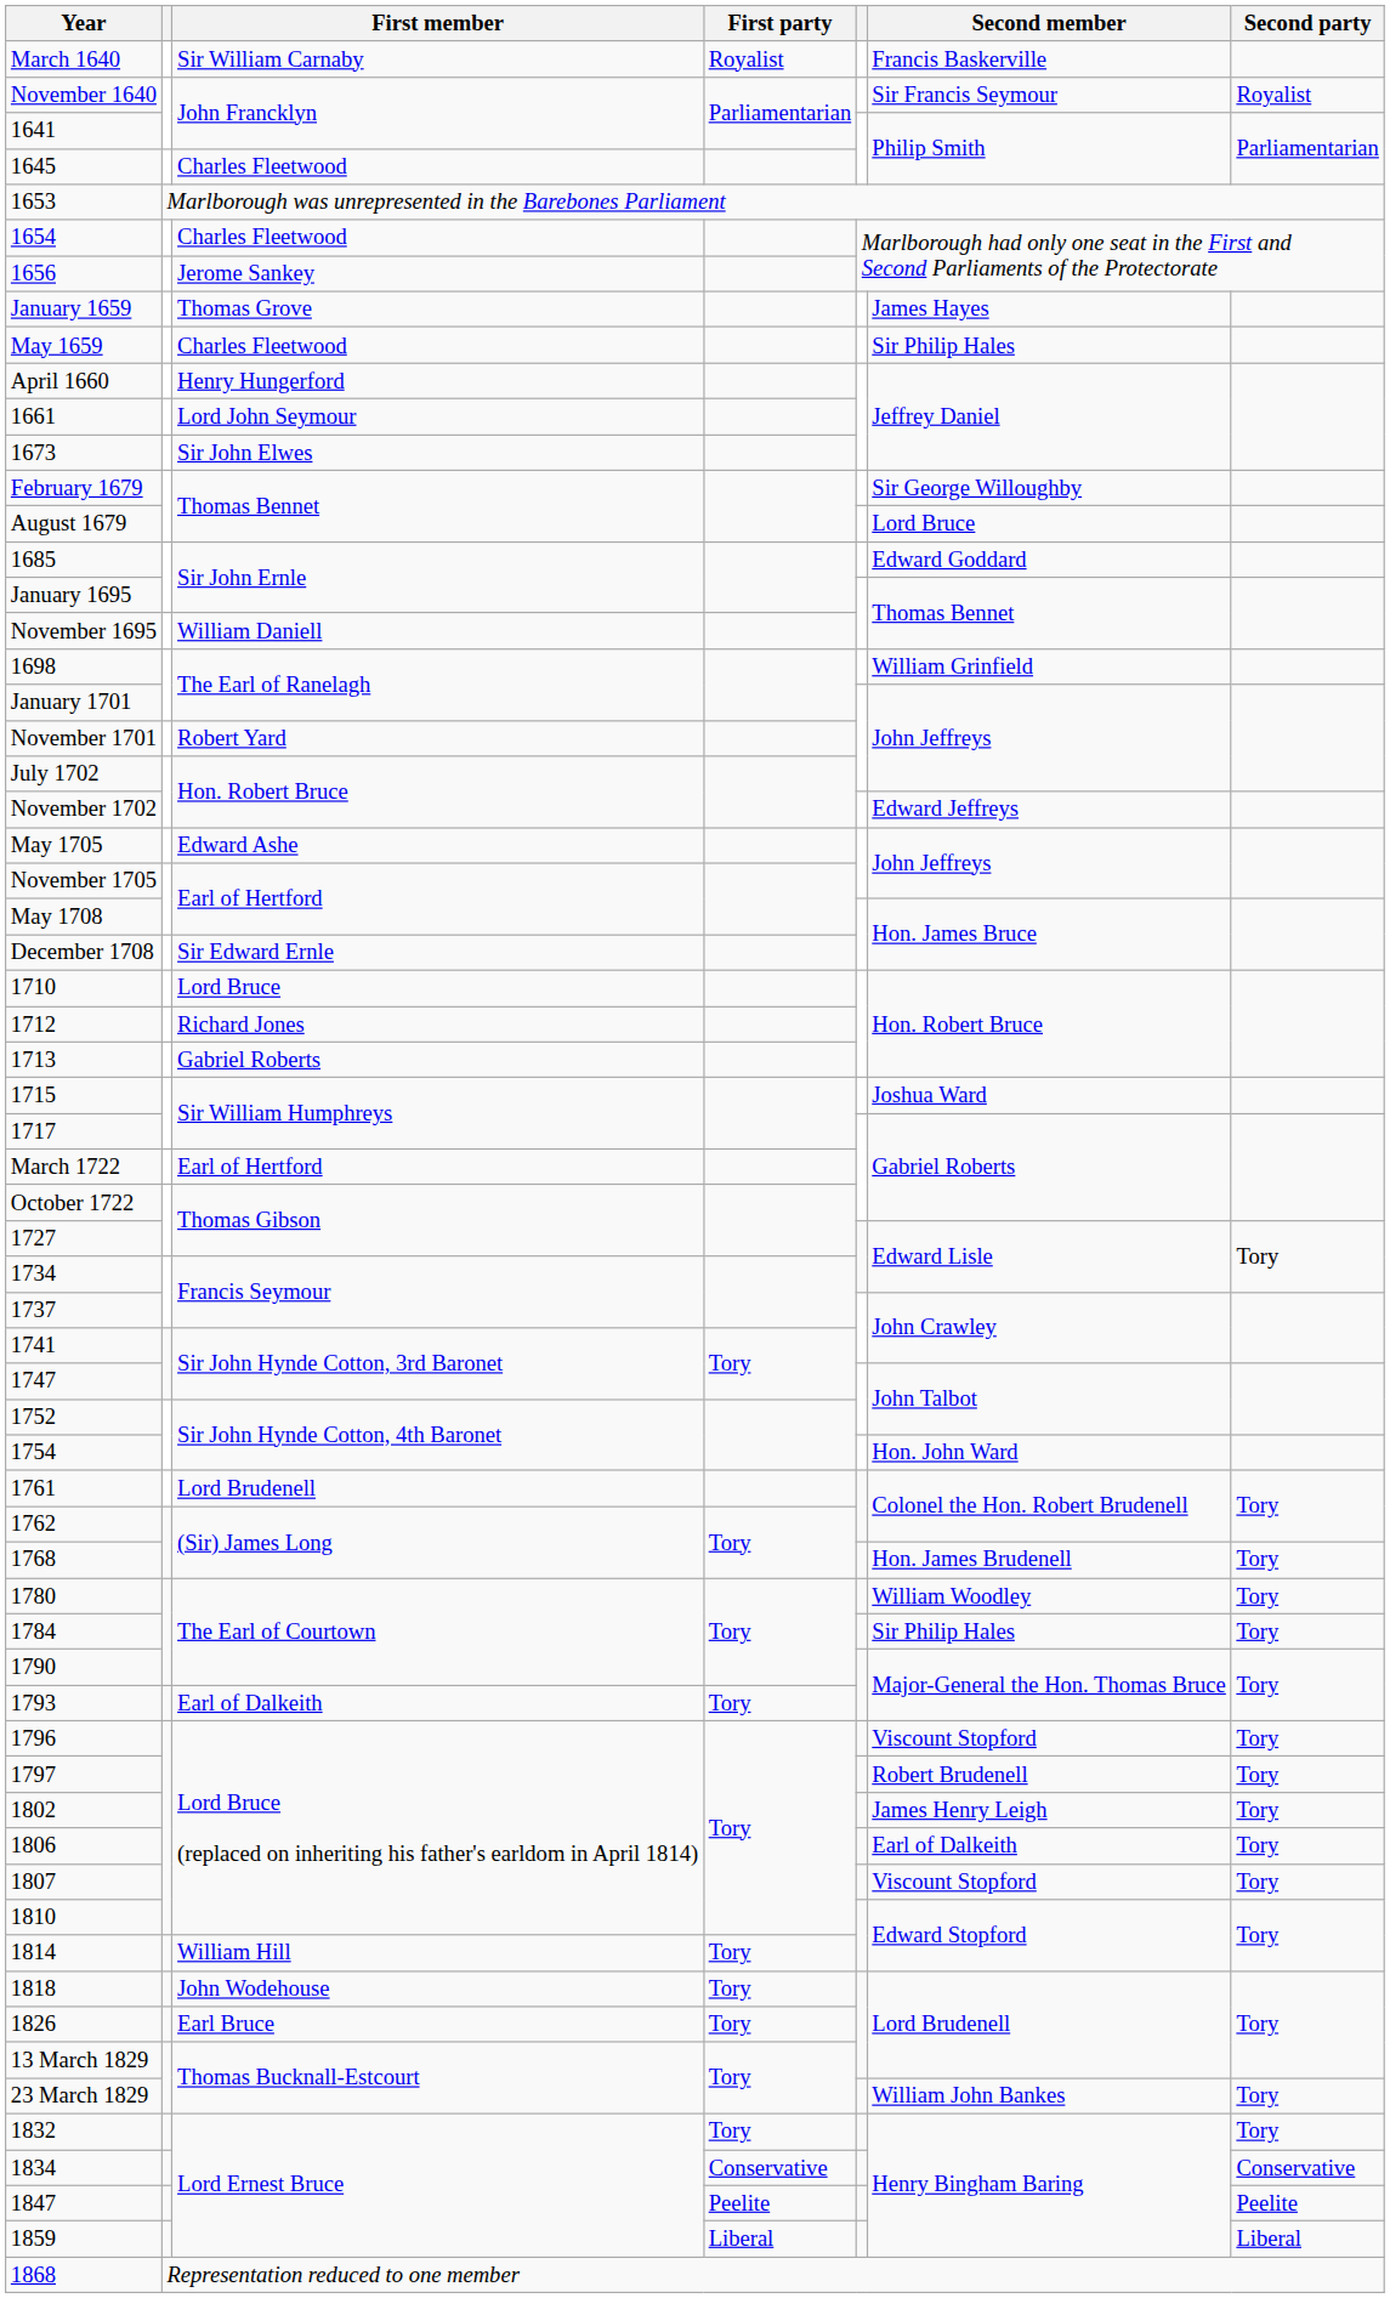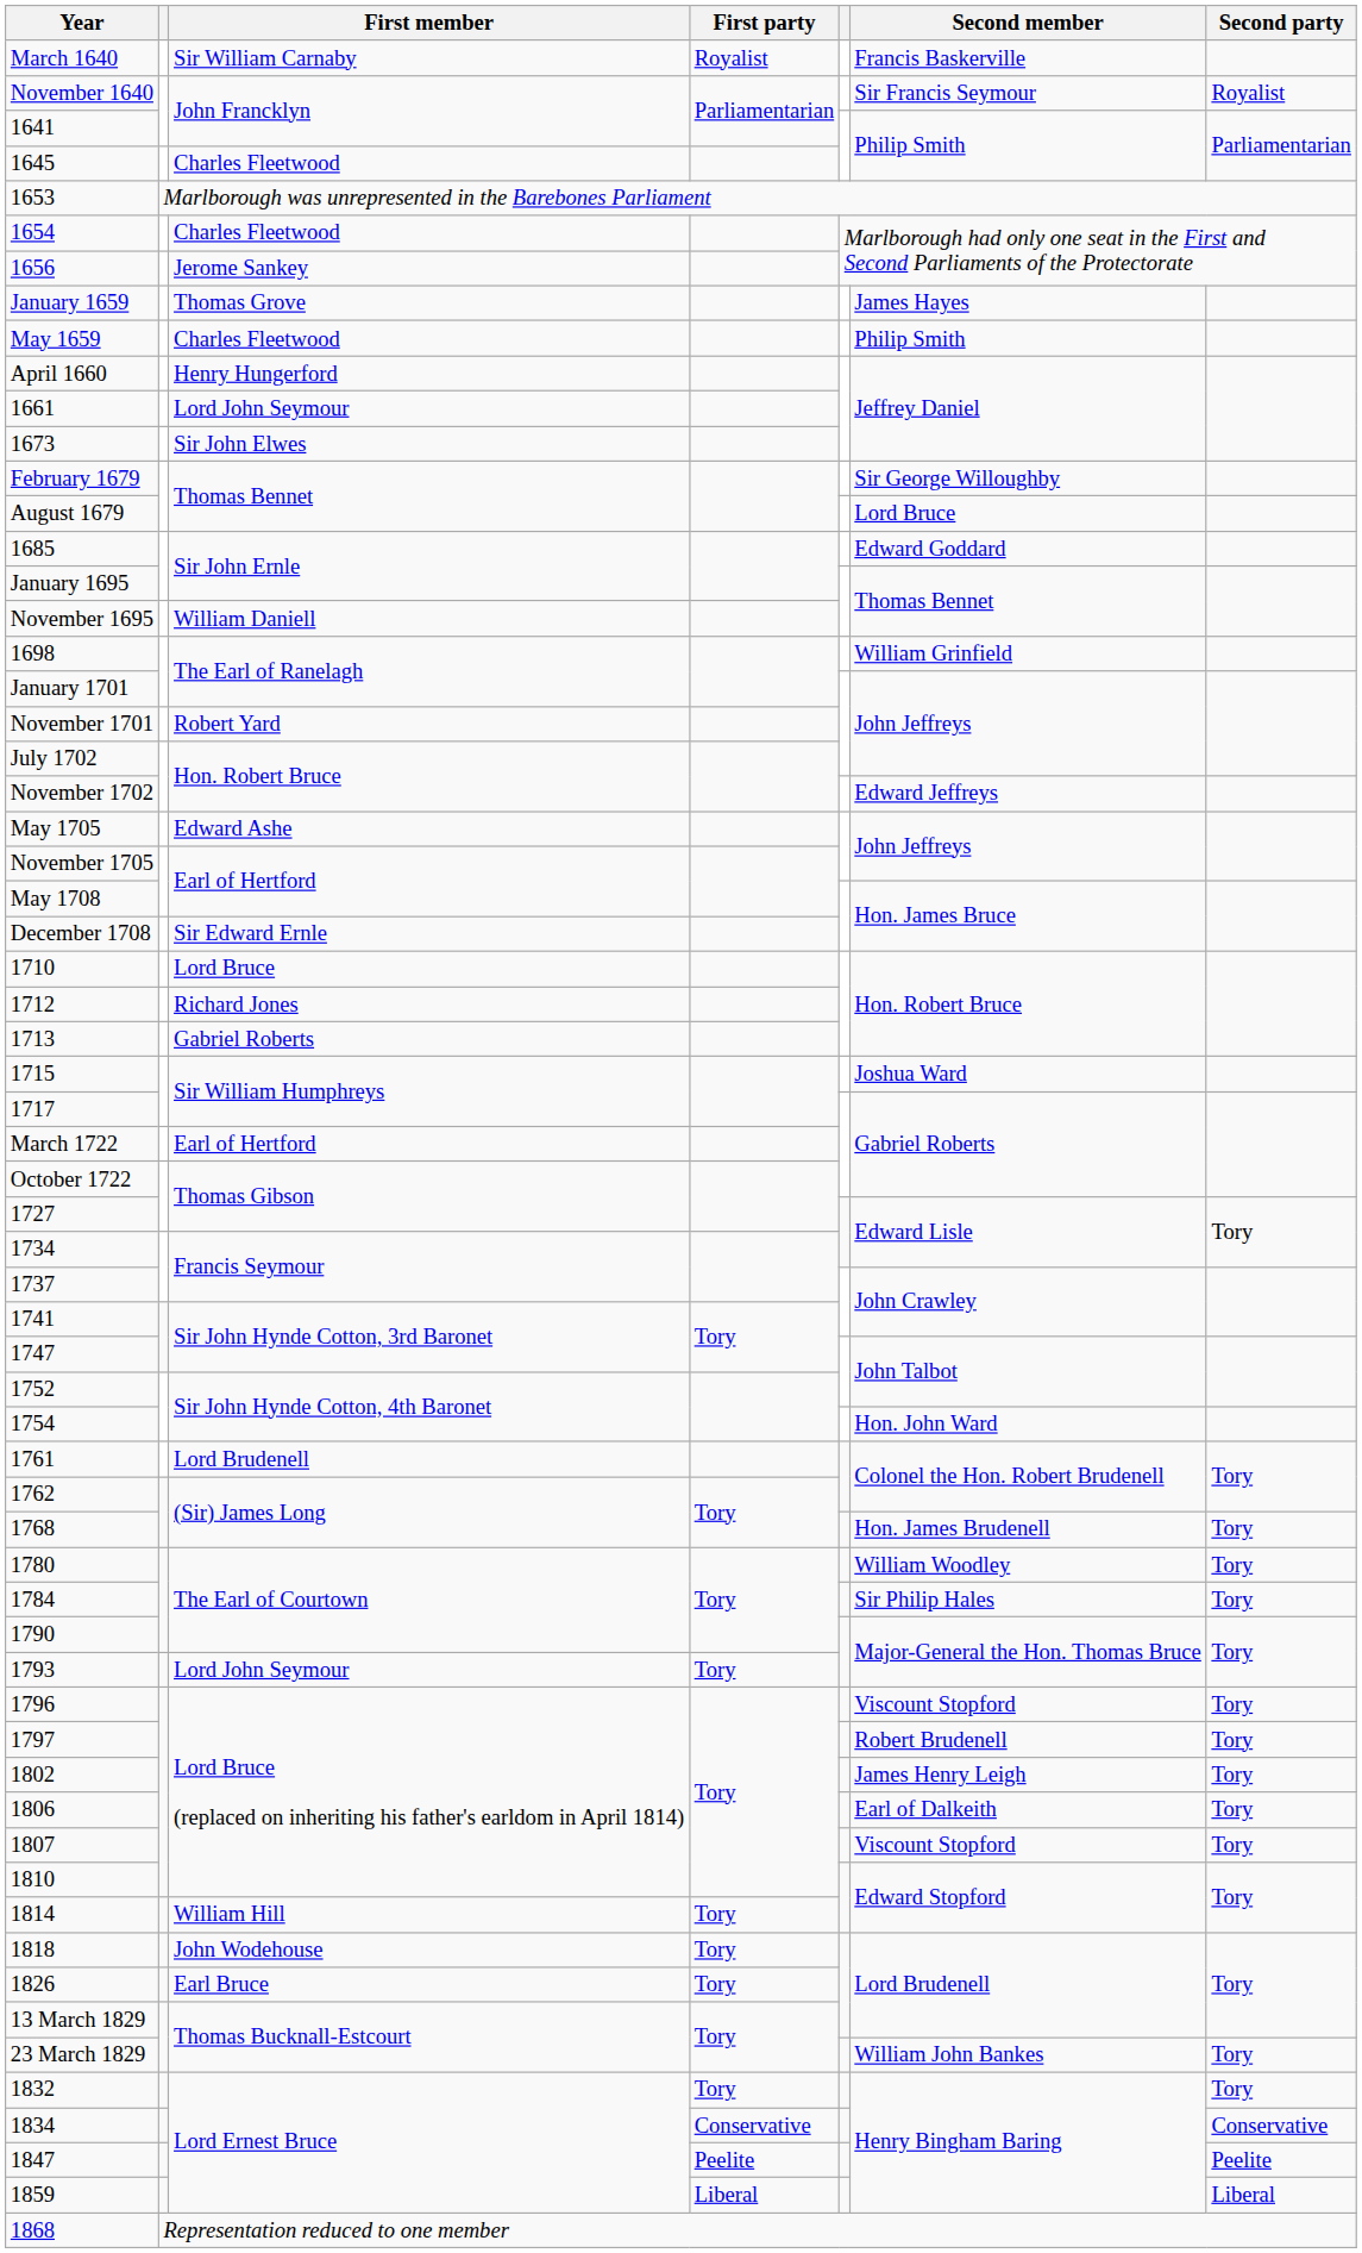 <table class="wikitable">
 <tr>
 <th>Year</th>
 <th></th>
 <th>First member</th>
 <th>First party</th>
 <th></th>
 <th>Second member</th>
 <th>Second party</th>
 </tr>
 <tr>
 <td><a href='#'>March 1640</a></td>
 <td style="color:inherit;background-color: white"></td>
 <td><a href='#'>Sir William Carnaby</a></td>
 <td><a href='#'>Royalist</a></td>
 <td style="color:inherit;background-color: white"></td>
 <td><a href='#'>Francis Baskerville</a></td>
 <td></td>
 </tr>
 <tr>
 <td><a href='#'>November 1640</a></td>
 <td rowspan="2" style="color:inherit;background-color: white"></td>
 <td rowspan="2"><a href='#'>John Francklyn</a></td>
 <td rowspan="2"><a href='#'>Parliamentarian</a></td>
 <td style="color:inherit;background-color: white"></td>
 <td><a href='#'>Sir Francis Seymour</a></td>
 <td><a href='#'>Royalist</a></td>
 </tr>
 <tr>
 <td>1641</td>
 <td rowspan="2" style="color:inherit;background-color: white"></td>
 <td rowspan="2"><a href='#'>Philip Smith</a></td>
 <td rowspan="2"><a href='#'>Parliamentarian</a></td>
 </tr>
 <tr>
 <td>1645</td>
 <td style="color:inherit;background-color: white"></td>
 <td><a href='#'>Charles Fleetwood</a></td>
 <td></td>
 </tr>
 <tr>
 <td>1653</td>
 <td colspan="6"><em>Marlborough was unrepresented in the <a href='#'>Barebones Parliament</a></em></td>
 </tr>
 <tr>
 <td><a href='#'>1654</a></td>
 <td style="color:inherit;background-color: white"></td>
 <td><a href='#'>Charles Fleetwood</a></td>
 <td></td>
 <td rowspan="2" colspan="3"><em>Marlborough had only one seat in the <a href='#'>First</a>  and <br><a href='#'>Second</a> Parliaments of the Protectorate</em></td>
 </tr>
 <tr>
 <td><a href='#'>1656</a></td>
 <td style="color:inherit;background-color: white"></td>
 <td><a href='#'>Jerome Sankey</a></td>
 <td></td>
 </tr>
 <tr>
 <td><a href='#'>January 1659</a></td>
 <td style="color:inherit;background-color: white"></td>
 <td><a href='#'>Thomas Grove</a></td>
 <td></td>
 <td style="color:inherit;background-color: white"></td>
 <td><a href='#'>James Hayes</a></td>
 <td></td>
 </tr>
 <tr>
 <td><a href='#'>May 1659</a></td>
 <td style="color:inherit;background-color: white"></td>
 <td><a href='#'>Charles Fleetwood</a></td>
 <td></td>
 <td style="color:inherit;background-color: white"></td>
-<td><a href='#'>Sir Philip Hales</a></td>
+<td><a href='#'>Philip Smith</a></td>
 <td></td>
 </tr>
 <tr>
 <td>April 1660</td>
 <td style="color:inherit;background-color: white"></td>
 <td><a href='#'>Henry Hungerford</a></td>
 <td></td>
 <td rowspan="3" style="color:inherit;background-color: white"></td>
 <td rowspan="3"><a href='#'>Jeffrey Daniel</a></td>
 <td rowspan="3"></td>
 </tr>
 <tr>
 <td>1661</td>
 <td style="color:inherit;background-color: white"></td>
 <td><a href='#'>Lord John Seymour</a></td>
 <td></td>
 </tr>
 <tr>
 <td>1673</td>
 <td style="color:inherit;background-color: white"></td>
 <td><a href='#'>Sir John Elwes</a></td>
 <td></td>
 </tr>
 <tr>
 <td><a href='#'>February 1679</a></td>
 <td rowspan="2" style="color:inherit;background-color: white"></td>
 <td rowspan="2"><a href='#'>Thomas Bennet</a></td>
 <td rowspan="2"></td>
 <td style="color:inherit;background-color: white"></td>
 <td><a href='#'>Sir George Willoughby</a></td>
 <td></td>
 </tr>
 <tr>
 <td>August 1679</td>
 <td style="color:inherit;background-color: white"></td>
 <td><a href='#'>Lord Bruce</a></td>
 <td></td>
 </tr>
 <tr>
 <td>1685</td>
 <td rowspan="2" style="color:inherit;background-color: white"></td>
 <td rowspan="2"><a href='#'>Sir John Ernle</a></td>
 <td rowspan="2"></td>
 <td style="color:inherit;background-color: white"></td>
 <td><a href='#'>Edward Goddard</a></td>
 <td></td>
 </tr>
 <tr>
 <td>January 1695</td>
 <td rowspan="2" style="color:inherit;background-color: white"></td>
 <td rowspan="2"><a href='#'>Thomas Bennet</a></td>
 <td rowspan="2"></td>
 </tr>
 <tr>
 <td>November 1695</td>
 <td style="color:inherit;background-color: white"></td>
 <td><a href='#'>William Daniell</a></td>
 <td></td>
 </tr>
 <tr>
 <td>1698</td>
 <td rowspan="2" style="color:inherit;background-color: white"></td>
 <td rowspan="2"><a href='#'>The Earl of Ranelagh</a></td>
 <td rowspan="2"></td>
 <td style="color:inherit;background-color: white"></td>
 <td><a href='#'>William Grinfield</a></td>
 <td></td>
 </tr>
 <tr>
 <td>January 1701</td>
 <td rowspan="3" style="color:inherit;background-color: white"></td>
 <td rowspan="3"><a href='#'>John Jeffreys</a></td>
 <td rowspan="3"></td>
 </tr>
 <tr>
 <td>November 1701</td>
 <td style="color:inherit;background-color: white"></td>
 <td><a href='#'>Robert Yard</a></td>
 <td></td>
 </tr>
 <tr>
 <td>July 1702</td>
 <td rowspan="2" style="color:inherit;background-color: white"></td>
 <td rowspan="2"><a href='#'>Hon. Robert Bruce</a></td>
 <td rowspan="2"></td>
 </tr>
 <tr>
 <td>November 1702</td>
 <td style="color:inherit;background-color: white"></td>
 <td><a href='#'>Edward Jeffreys</a></td>
 <td></td>
 </tr>
 <tr>
 <td>May 1705</td>
 <td style="color:inherit;background-color: white"></td>
 <td><a href='#'>Edward Ashe</a></td>
 <td></td>
 <td rowspan="2" style="color:inherit;background-color: white"></td>
 <td rowspan="2"><a href='#'>John Jeffreys</a></td>
 <td rowspan="2"></td>
 </tr>
 <tr>
 <td>November 1705</td>
 <td rowspan="2" style="color:inherit;background-color: white"></td>
 <td rowspan="2"><a href='#'>Earl of Hertford</a></td>
 <td rowspan="2"></td>
 </tr>
 <tr>
 <td>May 1708</td>
 <td rowspan="2" style="color:inherit;background-color: white"></td>
 <td rowspan="2"><a href='#'>Hon. James Bruce</a></td>
 <td rowspan="2"></td>
 </tr>
 <tr>
 <td>December 1708</td>
 <td style="color:inherit;background-color: white"></td>
 <td><a href='#'>Sir Edward Ernle</a></td>
 <td></td>
 </tr>
 <tr>
 <td>1710</td>
 <td style="color:inherit;background-color: white"></td>
 <td><a href='#'>Lord Bruce</a></td>
 <td></td>
 <td rowspan="3" style="color:inherit;background-color: white"></td>
 <td rowspan="3"><a href='#'>Hon. Robert Bruce</a></td>
 <td rowspan="3"></td>
 </tr>
 <tr>
 <td>1712</td>
 <td style="color:inherit;background-color: white"></td>
 <td><a href='#'>Richard Jones</a></td>
 <td></td>
 </tr>
 <tr>
 <td>1713</td>
 <td style="color:inherit;background-color: white"></td>
 <td><a href='#'>Gabriel Roberts</a></td>
 <td></td>
 </tr>
 <tr>
 <td>1715</td>
 <td rowspan="2" style="color:inherit;background-color: white"></td>
 <td rowspan="2"><a href='#'>Sir William Humphreys</a></td>
 <td rowspan="2"></td>
 <td style="color:inherit;background-color: white"></td>
 <td><a href='#'>Joshua Ward</a></td>
 <td></td>
 </tr>
 <tr>
 <td>1717</td>
 <td rowspan="3" style="color:inherit;background-color: white"></td>
 <td rowspan="3"><a href='#'>Gabriel Roberts</a></td>
 <td rowspan="3"></td>
 </tr>
 <tr>
 <td>March 1722</td>
 <td style="color:inherit;background-color: white"></td>
 <td><a href='#'>Earl of Hertford</a></td>
 <td></td>
 </tr>
 <tr>
 <td>October 1722</td>
 <td rowspan="2" style="color:inherit;background-color: white"></td>
 <td rowspan="2"><a href='#'>Thomas Gibson</a></td>
 <td rowspan="2"></td>
 </tr>
 <tr>
 <td>1727</td>
 <td rowspan="2" style="color:inherit;background-color: "></td>
 <td rowspan="2"><a href='#'>Edward Lisle</a></td>
 <td rowspan="2">Tory</td>
 </tr>
 <tr>
 <td>1734</td>
 <td rowspan="2" style="color:inherit;background-color: white"></td>
 <td rowspan="2"><a href='#'>Francis Seymour</a></td>
 <td rowspan="2"></td>
 </tr>
 <tr>
 <td>1737</td>
 <td rowspan="2" style="color:inherit;background-color: white"></td>
 <td rowspan="2"><a href='#'>John Crawley</a></td>
 <td rowspan="2"></td>
 </tr>
 <tr>
 <td>1741</td>
 <td rowspan="2" style="color:inherit;background-color: "></td>
 <td rowspan="2"><a href='#'>Sir John Hynde Cotton, 3rd Baronet</a></td>
 <td rowspan="2"><a href='#'>Tory</a></td>
 </tr>
 <tr>
 <td>1747</td>
 <td rowspan="2" style="color:inherit;background-color: white"></td>
 <td rowspan="2"><a href='#'>John Talbot</a></td>
 <td rowspan="2"></td>
 </tr>
 <tr>
 <td>1752</td>
 <td rowspan="2" style="color:inherit;background-color: white"></td>
 <td rowspan="2"><a href='#'>Sir John Hynde Cotton, 4th Baronet</a></td>
 <td rowspan="2"></td>
 </tr>
 <tr>
 <td>1754</td>
 <td style="color:inherit;background-color: white"></td>
 <td><a href='#'>Hon. John Ward</a></td>
 <td></td>
 </tr>
 <tr>
 <td>1761</td>
 <td style="color:inherit;background-color: white"></td>
 <td><a href='#'>Lord Brudenell</a></td>
 <td></td>
 <td rowspan="2" style="color:inherit;background-color: "></td>
 <td rowspan="2"><a href='#'>Colonel the Hon. Robert Brudenell</a></td>
 <td rowspan="2"><a href='#'>Tory</a></td>
 </tr>
 <tr>
 <td>1762</td>
 <td rowspan="2" style="color:inherit;background-color: "></td>
 <td rowspan="2"><a href='#'>(Sir) James Long</a></td>
 <td rowspan="2"><a href='#'>Tory</a></td>
 </tr>
 <tr>
 <td>1768</td>
 <td style="color:inherit;background-color: "></td>
 <td><a href='#'>Hon. James Brudenell</a></td>
 <td><a href='#'>Tory</a></td>
 </tr>
 <tr>
 <td>1780</td>
 <td rowspan="3" style="color:inherit;background-color: "></td>
 <td rowspan="3"><a href='#'>The Earl of Courtown</a></td>
 <td rowspan="3"><a href='#'>Tory</a></td>
 <td style="color:inherit;background-color: "></td>
 <td><a href='#'>William Woodley</a></td>
 <td><a href='#'>Tory</a></td>
 </tr>
 <tr>
 <td>1784</td>
 <td style="color:inherit;background-color: "></td>
 <td><a href='#'>Sir Philip Hales</a></td>
 <td><a href='#'>Tory</a></td>
 </tr>
 <tr>
 <td>1790</td>
 <td rowspan="2" style="color:inherit;background-color: "></td>
 <td rowspan="2"><a href='#'>Major-General the Hon. Thomas Bruce</a></td>
 <td rowspan="2"><a href='#'>Tory</a></td>
 </tr>
 <tr>
 <td>1793</td>
 <td style="color:inherit;background-color: "></td>
-<td><a href='#'>Earl of Dalkeith</a></td>
+<td><a href='#'>Lord John Seymour</a></td>
 <td><a href='#'>Tory</a></td>
 </tr>
 <tr>
 <td>1796</td>
 <td rowspan="6" style="color:inherit;background-color: "></td>
 <td rowspan="6"><a href='#'>Lord Bruce</a><br><br>(replaced on inheriting his father's earldom in April 1814)</td>
 <td rowspan="6"><a href='#'>Tory</a></td>
 <td style="color:inherit;background-color: "></td>
 <td><a href='#'>Viscount Stopford</a></td>
 <td><a href='#'>Tory</a></td>
 </tr>
 <tr>
 <td>1797</td>
 <td style="color:inherit;background-color: "></td>
 <td><a href='#'>Robert Brudenell</a></td>
 <td><a href='#'>Tory</a></td>
 </tr>
 <tr>
 <td>1802</td>
 <td style="color:inherit;background-color: "></td>
 <td><a href='#'>James Henry Leigh</a></td>
 <td><a href='#'>Tory</a></td>
 </tr>
 <tr>
 <td>1806</td>
 <td style="color:inherit;background-color: "></td>
 <td><a href='#'>Earl of Dalkeith</a></td>
 <td><a href='#'>Tory</a></td>
 </tr>
 <tr>
 <td>1807</td>
 <td style="color:inherit;background-color: "></td>
 <td><a href='#'>Viscount Stopford</a></td>
 <td><a href='#'>Tory</a></td>
 </tr>
 <tr>
 <td>1810</td>
 <td rowspan="2" style="color:inherit;background-color: "></td>
 <td rowspan="2"><a href='#'>Edward Stopford</a></td>
 <td rowspan="2"><a href='#'>Tory</a></td>
 </tr>
 <tr>
 <td>1814</td>
 <td style="color:inherit;background-color: "></td>
 <td><a href='#'>William Hill</a></td>
 <td><a href='#'>Tory</a></td>
 </tr>
 <tr>
 <td>1818</td>
 <td style="color:inherit;background-color: "></td>
 <td><a href='#'>John Wodehouse</a></td>
 <td><a href='#'>Tory</a></td>
 <td rowspan="3" style="color:inherit;background-color: "></td>
 <td rowspan="3"><a href='#'>Lord Brudenell</a></td>
 <td rowspan="3"><a href='#'>Tory</a></td>
 </tr>
 <tr>
 <td>1826</td>
 <td style="color:inherit;background-color: "></td>
 <td><a href='#'>Earl Bruce</a></td>
 <td><a href='#'>Tory</a></td>
 </tr>
 <tr>
 <td>13 March 1829</td>
 <td rowspan="2" style="color:inherit;background-color: "></td>
 <td rowspan="2"><a href='#'>Thomas Bucknall-Estcourt</a></td>
 <td rowspan="2"><a href='#'>Tory</a></td>
 </tr>
 <tr>
 <td>23 March 1829</td>
 <td style="color:inherit;background-color: "></td>
 <td><a href='#'>William John Bankes</a></td>
 <td><a href='#'>Tory</a></td>
 </tr>
 <tr>
 <td>1832</td>
 <td style="color:inherit;background-color: "></td>
 <td rowspan="4"><a href='#'>Lord Ernest Bruce</a></td>
 <td><a href='#'>Tory</a></td>
 <td style="color:inherit;background-color: "></td>
 <td rowspan="4"><a href='#'>Henry Bingham Baring</a></td>
 <td><a href='#'>Tory</a></td>
 </tr>
 <tr>
 <td>1834</td>
 <td style="color:inherit;background-color: "></td>
 <td><a href='#'>Conservative</a></td>
 <td style="color:inherit;background-color: "></td>
 <td><a href='#'>Conservative</a></td>
 </tr>
 <tr>
 <td>1847</td>
 <td style="color:inherit;background-color: "></td>
 <td><a href='#'>Peelite</a></td>
 <td style="color:inherit;background-color: "></td>
 <td><a href='#'>Peelite</a></td>
 </tr>
 <tr>
 <td>1859</td>
 <td style="color:inherit;background-color: "></td>
 <td><a href='#'>Liberal</a></td>
 <td style="color:inherit;background-color: "></td>
 <td><a href='#'>Liberal</a></td>
 </tr>
 <tr>
 <td><a href='#'>1868</a></td>
 <td colspan="6"><em>Representation reduced to one member</em></td>
 </tr>
 </table>
